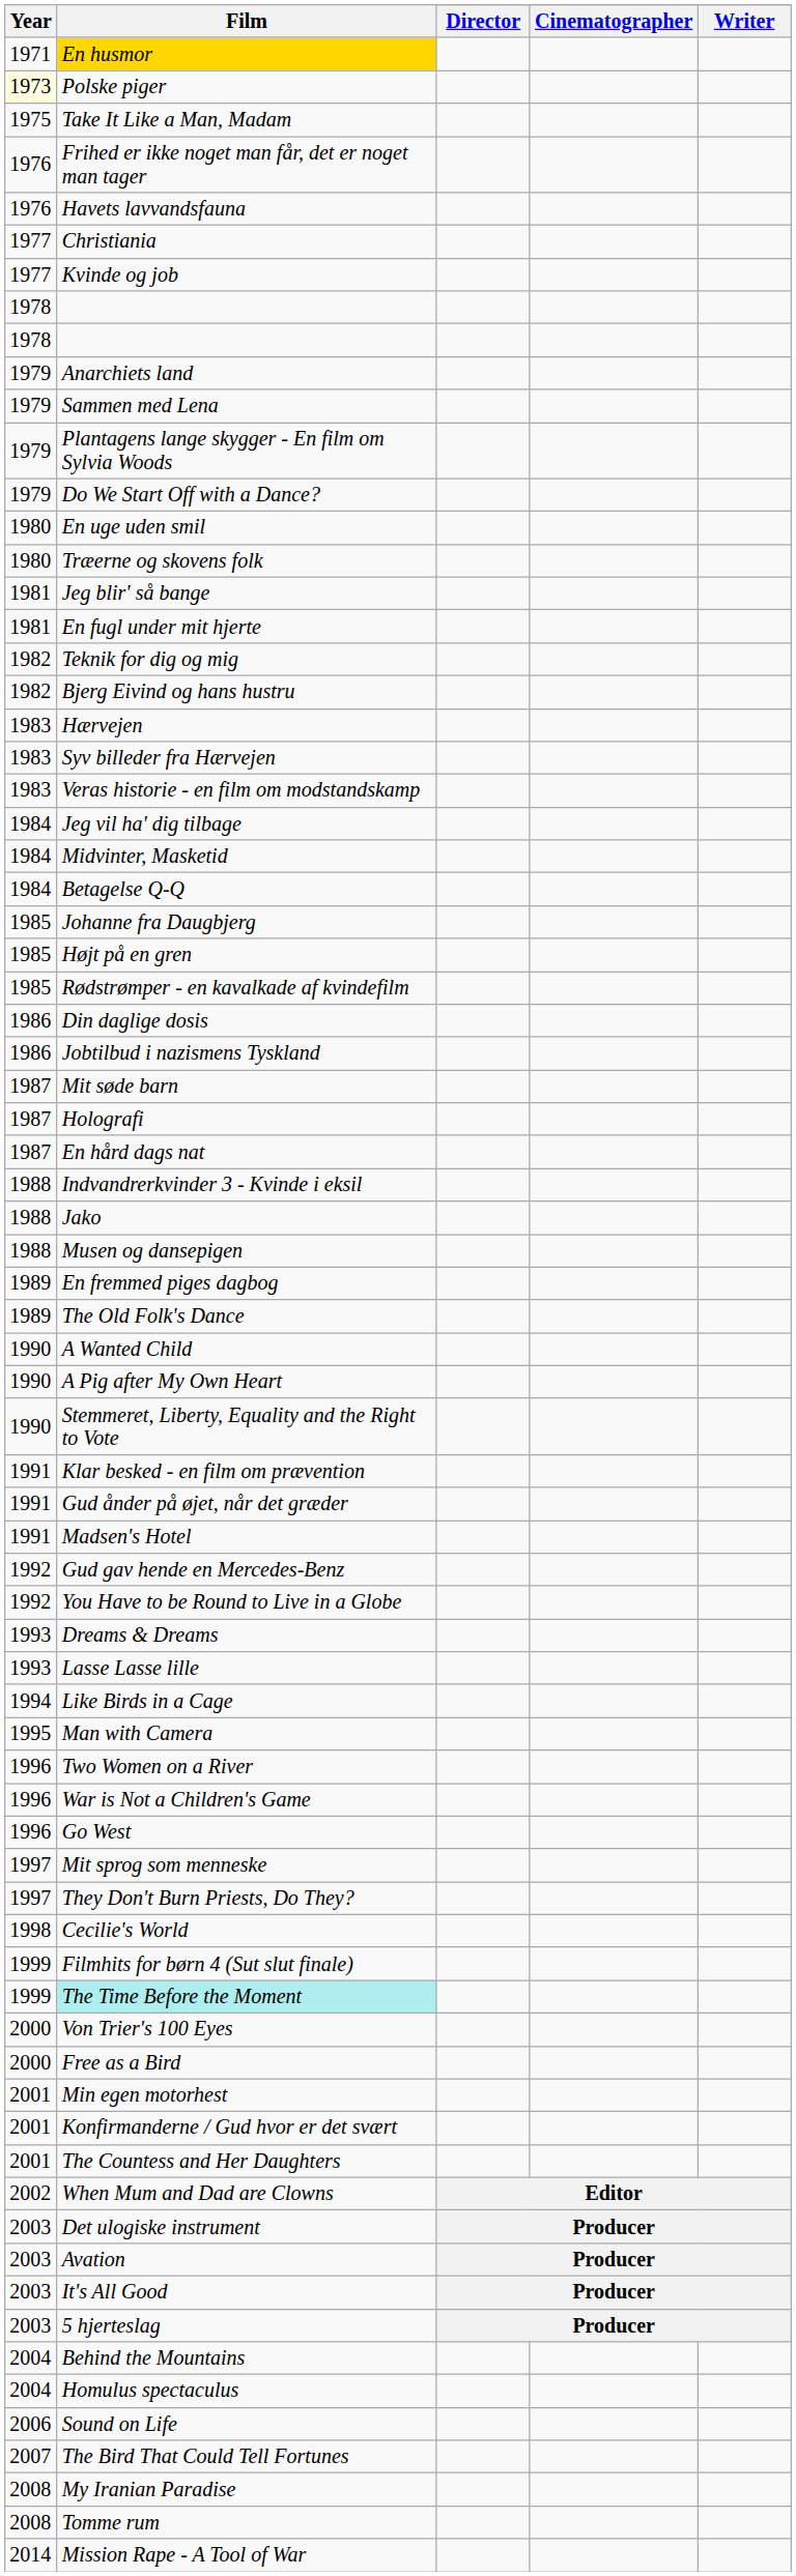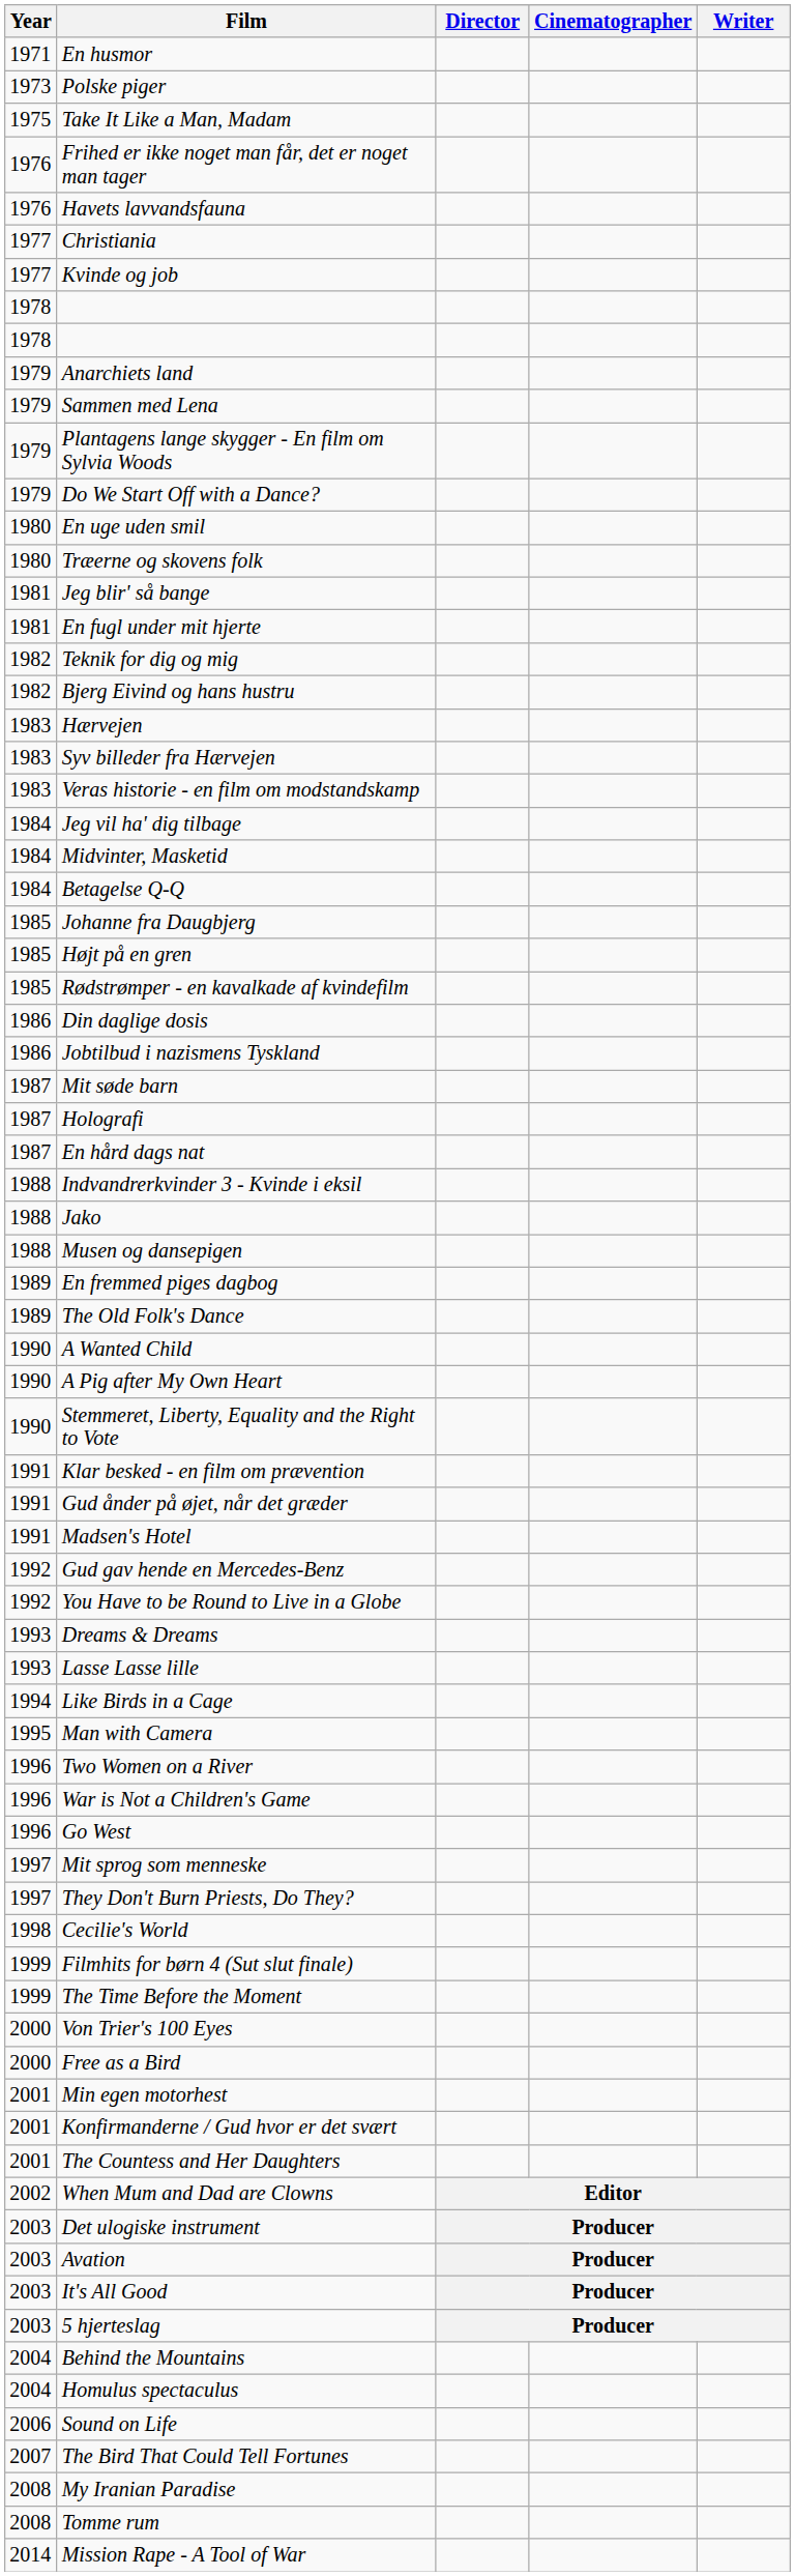 <table class="wikitable">
 <tr>
 <th rowspan="2" style="width:33px;">Year</th>
 <th rowspan="2">Film</th>
 </tr>
 <tr>
 <th width=65><a href='#'>Director</a></th>
 <th width=65><a href='#'>Cinematographer</a></th>
 <th width=65><a href='#'>Writer</a></th>
 </tr>
 <tr>
 <td>1971</td>
-<td style="background: gold;"><em>En husmor</em></td>
+<td><em>En husmor</em></td>
 <td></td>
 <td></td>
 <td></td>
 </tr>
 <tr>
-<td style="background: lightyellow;">1973</td>
+<td>1973</td>
 <td><em>Polske piger</em></td>
 <td></td>
 <td></td>
 <td></td>
 </tr>
 <tr>
 <td>1975</td>
 <td><em>Take It Like a Man, Madam</em></td>
 <td></td>
 <td></td>
 <td></td>
 </tr>
 <tr>
 <td>1976</td>
 <td><em>Frihed er ikke noget man får, det er noget man tager</em></td>
 <td></td>
 <td></td>
 <td></td>
 </tr>
 <tr>
 <td>1976</td>
 <td><em>Havets lavvandsfauna</em></td>
 <td></td>
 <td></td>
 <td></td>
 </tr>
 <tr>
 <td>1977</td>
 <td><em>Christiania</em></td>
 <td></td>
 <td></td>
 <td></td>
 </tr>
 <tr>
 <td>1977</td>
 <td><em>Kvinde og job</em></td>
 <td></td>
 <td></td>
 <td></td>
 </tr>
 <tr>
 <td>1978</td>
 <td><em></em></td>
 <td></td>
 <td></td>
 <td></td>
 </tr>
 <tr>
 <td>1978</td>
 <td><em></em></td>
 <td></td>
 <td></td>
 <td></td>
 </tr>
 <tr>
 <td>1979</td>
 <td><em>Anarchiets land</em></td>
 <td></td>
 <td></td>
 <td></td>
 </tr>
 <tr>
 <td>1979</td>
 <td><em>Sammen med Lena</em></td>
 <td></td>
 <td></td>
 <td></td>
 </tr>
 <tr>
 <td>1979</td>
 <td><em>Plantagens lange skygger - En film om Sylvia Woods</em></td>
 <td></td>
 <td></td>
 <td></td>
 </tr>
 <tr>
 <td>1979</td>
 <td><em>Do We Start Off with a Dance?</em></td>
 <td></td>
 <td></td>
 <td></td>
 </tr>
 <tr>
 <td>1980</td>
 <td><em>En uge uden smil</em></td>
 <td></td>
 <td></td>
 <td></td>
 </tr>
 <tr>
 <td>1980</td>
 <td><em>Træerne og skovens folk</em></td>
 <td></td>
 <td></td>
 <td></td>
 </tr>
 <tr>
 <td>1981</td>
 <td><em>Jeg blir' så bange</em></td>
 <td></td>
 <td></td>
 <td></td>
 </tr>
 <tr>
 <td>1981</td>
 <td><em>En fugl under mit hjerte</em></td>
 <td></td>
 <td></td>
 <td></td>
 </tr>
 <tr>
 <td>1982</td>
 <td><em>Teknik for dig og mig</em></td>
 <td></td>
 <td></td>
 <td></td>
 </tr>
 <tr>
 <td>1982</td>
 <td><em>Bjerg Eivind og hans hustru</em></td>
 <td></td>
 <td></td>
 <td></td>
 </tr>
 <tr>
 <td>1983</td>
 <td><em>Hærvejen</em></td>
 <td></td>
 <td></td>
 <td></td>
 </tr>
 <tr>
 <td>1983</td>
 <td><em>Syv billeder fra Hærvejen</em></td>
 <td></td>
 <td></td>
 <td></td>
 </tr>
 <tr>
 <td>1983</td>
 <td><em>Veras historie - en film om modstandskamp</em></td>
 <td></td>
 <td></td>
 <td></td>
 </tr>
 <tr>
 <td>1984</td>
 <td><em>Jeg vil ha' dig tilbage</em></td>
 <td></td>
 <td></td>
 <td></td>
 </tr>
 <tr>
 <td>1984</td>
 <td><em>Midvinter, Masketid</em></td>
 <td></td>
 <td></td>
 <td></td>
 </tr>
 <tr>
 <td>1984</td>
 <td><em>Betagelse Q-Q</em></td>
 <td></td>
 <td></td>
 <td></td>
 </tr>
 <tr>
 <td>1985</td>
 <td><em>Johanne fra Daugbjerg</em></td>
 <td></td>
 <td></td>
 <td></td>
 </tr>
 <tr>
 <td>1985</td>
 <td><em>Højt på en gren</em></td>
 <td></td>
 <td></td>
 <td></td>
 </tr>
 <tr>
 <td>1985</td>
 <td><em>Rødstrømper - en kavalkade af kvindefilm</em></td>
 <td></td>
 <td></td>
 <td></td>
 </tr>
 <tr>
 <td>1986</td>
 <td><em>Din daglige dosis</em></td>
 <td></td>
 <td></td>
 <td></td>
 </tr>
 <tr>
 <td>1986</td>
 <td><em>Jobtilbud i nazismens Tyskland</em></td>
 <td></td>
 <td></td>
 <td></td>
 </tr>
 <tr>
 <td>1987</td>
 <td><em>Mit søde barn</em></td>
 <td></td>
 <td></td>
 <td></td>
 </tr>
 <tr>
 <td>1987</td>
 <td><em>Holografi</em></td>
 <td></td>
 <td></td>
 <td></td>
 </tr>
 <tr>
 <td>1987</td>
 <td><em>En hård dags nat</em></td>
 <td></td>
 <td></td>
 <td></td>
 </tr>
 <tr>
 <td>1988</td>
 <td><em>Indvandrerkvinder 3 - Kvinde i eksil</em></td>
 <td></td>
 <td></td>
 <td></td>
 </tr>
 <tr>
 <td>1988</td>
 <td><em>Jako</em></td>
 <td></td>
 <td></td>
 <td></td>
 </tr>
 <tr>
 <td>1988</td>
 <td><em>Musen og dansepigen</em></td>
 <td></td>
 <td></td>
 <td></td>
 </tr>
 <tr>
 <td>1989</td>
 <td><em>En fremmed piges dagbog</em></td>
 <td></td>
 <td></td>
 <td></td>
 </tr>
 <tr>
 <td>1989</td>
 <td><em>The Old Folk's Dance</em></td>
 <td></td>
 <td></td>
 <td></td>
 </tr>
 <tr>
 <td>1990</td>
 <td><em>A Wanted Child</em></td>
 <td></td>
 <td></td>
 <td></td>
 </tr>
 <tr>
 <td>1990</td>
 <td><em>A Pig after My Own Heart</em></td>
 <td></td>
 <td></td>
 <td></td>
 </tr>
 <tr>
 <td>1990</td>
 <td><em>Stemmeret, Liberty, Equality and the Right to Vote</em></td>
 <td></td>
 <td></td>
 <td></td>
 </tr>
 <tr>
 <td>1991</td>
 <td><em>Klar besked - en film om prævention</em></td>
 <td></td>
 <td></td>
 <td></td>
 </tr>
 <tr>
 <td>1991</td>
 <td><em>Gud ånder på øjet, når det græder</em></td>
 <td></td>
 <td></td>
 <td></td>
 </tr>
 <tr>
 <td>1991</td>
 <td><em>Madsen's Hotel</em></td>
 <td></td>
 <td></td>
 <td></td>
 </tr>
 <tr>
 <td>1992</td>
 <td><em>Gud gav hende en Mercedes-Benz</em></td>
 <td></td>
 <td></td>
 <td></td>
 </tr>
 <tr>
 <td>1992</td>
 <td><em>You Have to be Round to Live in a Globe</em></td>
 <td></td>
 <td></td>
 <td></td>
 </tr>
 <tr>
 <td>1993</td>
 <td><em>Dreams & Dreams</em></td>
 <td></td>
 <td></td>
 <td></td>
 </tr>
 <tr>
 <td>1993</td>
 <td><em>Lasse Lasse lille</em></td>
 <td></td>
 <td></td>
 <td></td>
 </tr>
 <tr>
 <td>1994</td>
 <td><em>Like Birds in a Cage</em></td>
 <td></td>
 <td></td>
 <td></td>
 </tr>
 <tr>
 <td>1995</td>
 <td><em>Man with Camera</em></td>
 <td></td>
 <td></td>
 <td></td>
 </tr>
 <tr>
 <td>1996</td>
 <td><em>Two Women on a River</em></td>
 <td></td>
 <td></td>
 <td></td>
 </tr>
 <tr>
 <td>1996</td>
 <td><em>War is Not a Children's Game</em></td>
 <td></td>
 <td></td>
 <td></td>
 </tr>
 <tr>
 <td>1996</td>
 <td><em>Go West</em></td>
 <td></td>
 <td></td>
 <td></td>
 </tr>
 <tr>
 <td>1997</td>
 <td><em>Mit sprog som menneske</em></td>
 <td></td>
 <td></td>
 <td></td>
 </tr>
 <tr>
 <td>1997</td>
 <td><em>They Don't Burn Priests, Do They?</em></td>
 <td></td>
 <td></td>
 <td></td>
 </tr>
 <tr>
 <td>1998</td>
 <td><em>Cecilie's World</em></td>
 <td></td>
 <td></td>
 <td></td>
 </tr>
 <tr>
 <td>1999</td>
 <td><em>Filmhits for børn 4 (Sut slut finale)</em></td>
 <td></td>
 <td></td>
 <td></td>
 </tr>
 <tr>
 <td>1999</td>
-<td style="background: paleturquoise;"><em>The Time Before the Moment</em></td>
+<td><em>The Time Before the Moment</em></td>
 <td></td>
 <td></td>
 <td></td>
 </tr>
 <tr>
 <td>2000</td>
 <td><em>Von Trier's 100 Eyes</em></td>
 <td></td>
 <td></td>
 <td></td>
 </tr>
 <tr>
 <td>2000</td>
 <td><em>Free as a Bird</em></td>
 <td></td>
 <td></td>
 <td></td>
 </tr>
 <tr>
 <td>2001</td>
 <td><em>Min egen motorhest</em></td>
 <td></td>
 <td></td>
 <td></td>
 </tr>
 <tr>
 <td>2001</td>
 <td><em>Konfirmanderne / Gud hvor er det svært</em></td>
 <td></td>
 <td></td>
 <td></td>
 </tr>
 <tr>
 <td>2001</td>
 <td><em>The Countess and Her Daughters</em></td>
 <td></td>
 <td></td>
 <td></td>
 </tr>
 <tr>
 <td>2002</td>
 <td><em>When Mum and Dad are Clowns</em></td>
 <th colspan="3">Editor</th>
 </tr>
 <tr>
 <td>2003</td>
 <td><em>Det ulogiske instrument</em></td>
 <th colspan="3">Producer</th>
 </tr>
 <tr>
 <td>2003</td>
 <td><em>Avation</em></td>
 <th colspan="3">Producer</th>
 </tr>
 <tr>
 <td>2003</td>
 <td><em>It's All Good</em></td>
 <th colspan="3">Producer</th>
 </tr>
 <tr>
 <td>2003</td>
 <td><em>5 hjerteslag</em></td>
 <th colspan="3">Producer</th>
 </tr>
 <tr>
 <td>2004</td>
 <td><em>Behind the Mountains</em></td>
 <td></td>
 <td></td>
 <td></td>
 </tr>
 <tr>
 <td>2004</td>
 <td><em>Homulus spectaculus</em></td>
 <td></td>
 <td></td>
 <td></td>
 </tr>
 <tr>
 <td>2006</td>
 <td><em>Sound on Life</em></td>
 <td></td>
 <td></td>
 <td></td>
 </tr>
 <tr>
 <td>2007</td>
 <td><em>The Bird That Could Tell Fortunes</em></td>
 <td></td>
 <td></td>
 <td></td>
 </tr>
 <tr>
 <td>2008</td>
 <td><em>My Iranian Paradise</em></td>
 <td></td>
 <td></td>
 <td></td>
 </tr>
 <tr>
 <td>2008</td>
 <td><em>Tomme rum</em></td>
 <td></td>
 <td></td>
 <td></td>
 </tr>
 <tr>
 <td>2014</td>
 <td><em>Mission Rape - A Tool of War</em></td>
 <td></td>
 <td></td>
 <td></td>
 </tr>
 <tr>
 </tr>
 </table>
